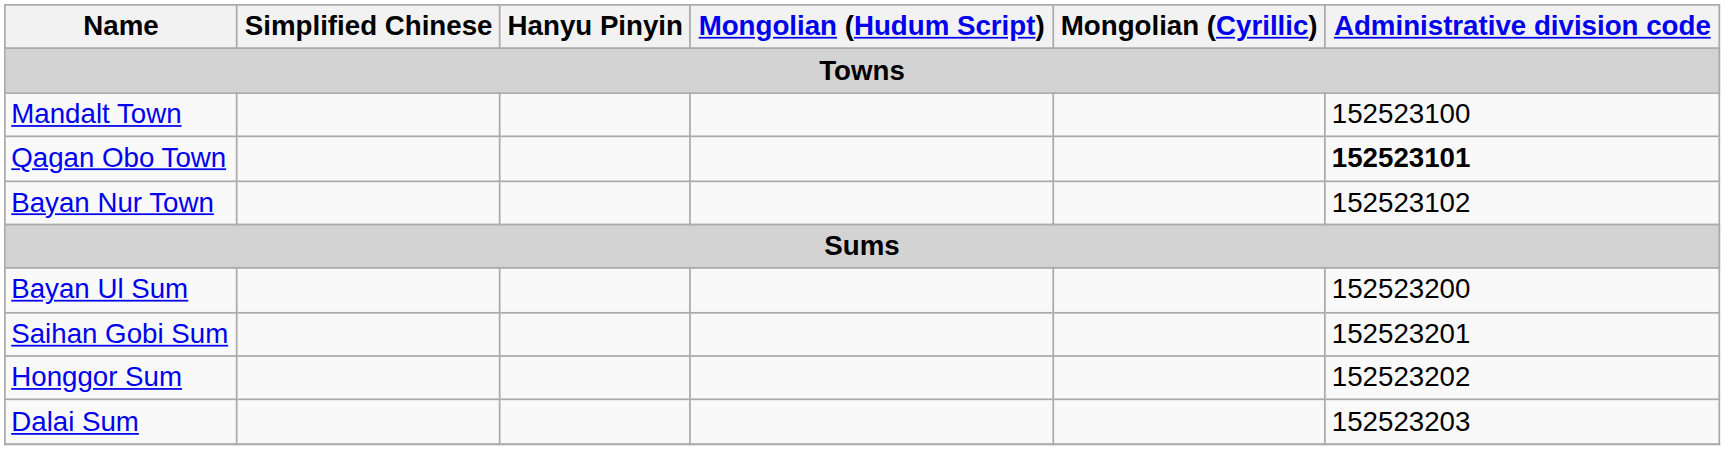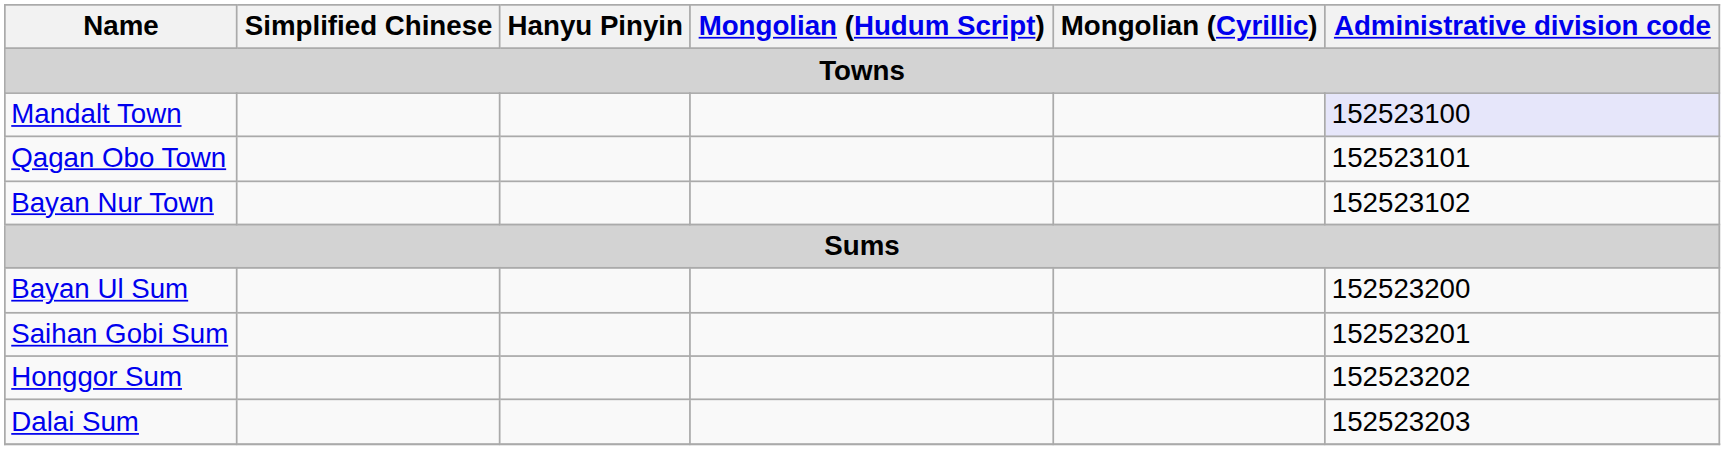 <table class="wikitable" align="center" style="width:50%; border="1">
 <tr>
 <th>Name</th>
 <th>Simplified Chinese</th>
 <th>Hanyu Pinyin</th>
 <th><a href='#'>Mongolian</a> (<a href='#'>Hudum Script</a>)</th>
 <th>Mongolian (<a href='#'>Cyrillic</a>)</th>
 <th><a href='#'>Administrative division code</a></th>
 </tr>
 <tr>
 <td colspan="6"  style="text-align:center; background:#d3d3d3;"><strong>Towns</strong></td>
 </tr>
 <tr --------->
 <td><a href='#'>Mandalt Town</a></td>
 <td></td>
 <td></td>
 <td></td>
 <td></td>
-<td>152523100</td>
+<td style="background: lavender;">152523100</td>
 </tr>
 <tr>
 <td><a href='#'>Qagan Obo Town</a></td>
 <td></td>
 <td></td>
 <td></td>
 <td></td>
-<td><strong>152523101</strong></td>
+<td>152523101</td>
 </tr>
 <tr>
 <td><a href='#'>Bayan Nur Town</a></td>
 <td></td>
 <td></td>
 <td></td>
 <td></td>
 <td>152523102</td>
 </tr>
 <tr>
 <td colspan="6"  style="text-align:center; background:#d3d3d3;"><strong>Sums</strong></td>
 </tr>
 <tr --------->
 <td><a href='#'>Bayan Ul Sum</a></td>
 <td></td>
 <td></td>
 <td></td>
 <td></td>
 <td>152523200</td>
 </tr>
 <tr>
 <td><a href='#'>Saihan Gobi Sum</a></td>
 <td></td>
 <td></td>
 <td></td>
 <td></td>
 <td>152523201</td>
 </tr>
 <tr>
 <td><a href='#'>Honggor Sum</a></td>
 <td></td>
 <td></td>
 <td></td>
 <td></td>
 <td>152523202</td>
 </tr>
 <tr>
 <td><a href='#'>Dalai Sum</a></td>
 <td></td>
 <td></td>
 <td></td>
 <td></td>
 <td>152523203</td>
 </tr>
 <tr>
 </tr>
 </table>
